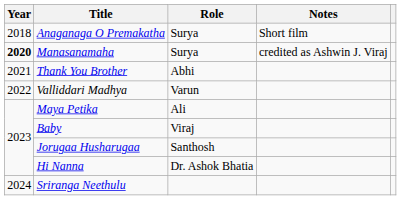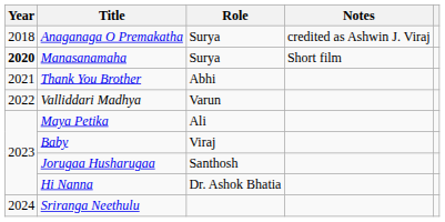 <table class="wikitable sortable">
 <tr>
 <th scope="col">Year</th>
 <th scope="col">Title</th>
 <th scope="col">Role</th>
 <th class="unsortable" scope="col">Notes</th>
 <th class="unsortable" scope="col"></th>
 </tr>
 <tr>
 <td>2018</td>
 <td><em><a href='#'>Anaganaga O Premakatha</a></em></td>
 <td>Surya</td>
-<td>Short film</td>
+<td>credited as Ashwin J. Viraj</td>
 <td></td>
 </tr>
 <tr>
 <td><strong>2020</strong></td>
 <td><em><a href='#'>Manasanamaha</a></em></td>
 <td>Surya</td>
-<td>credited as Ashwin J. Viraj</td>
+<td>Short film</td>
 <td></td>
 </tr>
 <tr>
 <td>2021</td>
 <td><em><a href='#'>Thank You Brother</a></em></td>
 <td>Abhi</td>
 <td></td>
 <td></td>
 </tr>
 <tr>
 <td>2022</td>
 <td><em>Valliddari Madhya</em></td>
 <td>Varun</td>
 <td></td>
 <td></td>
 </tr>
 <tr>
 <td rowspan="4">2023</td>
 <td><em><a href='#'>Maya Petika</a></em></td>
 <td>Ali</td>
 <td></td>
 <td></td>
 </tr>
 <tr>
 <td><em><a href='#'>Baby</a></em></td>
 <td>Viraj</td>
 <td></td>
 <td></td>
 </tr>
 <tr>
 <td><em><a href='#'>Jorugaa Husharugaa</a></em></td>
 <td>Santhosh</td>
 <td></td>
 <td></td>
 </tr>
 <tr>
 <td><em><a href='#'>Hi Nanna</a></em></td>
 <td>Dr. Ashok Bhatia</td>
 <td></td>
 <td></td>
 </tr>
 <tr>
 <td>2024</td>
 <td><em><a href='#'>Sriranga Neethulu</a></em></td>
 <td></td>
 <td></td>
 <td></td>
 </tr>
 </table>
